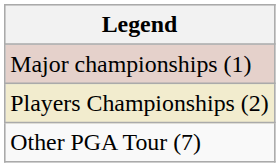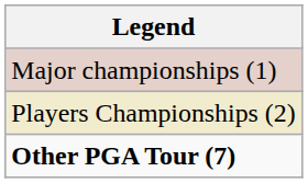 <table class="wikitable" style="font-size:95%;">
 <tr>
 <th>Legend</th>
 </tr>
 <tr style="background:#e5d1cb;">
 <td>Major championships (1)</td>
 </tr>
 <tr style="background:#f2ecce;">
 <td>Players Championships (2)</td>
 </tr>
 <tr>
-<td>Other PGA Tour (7)</td>
+<td><strong>Other PGA Tour (7)</strong></td>
 </tr>
 </table>
